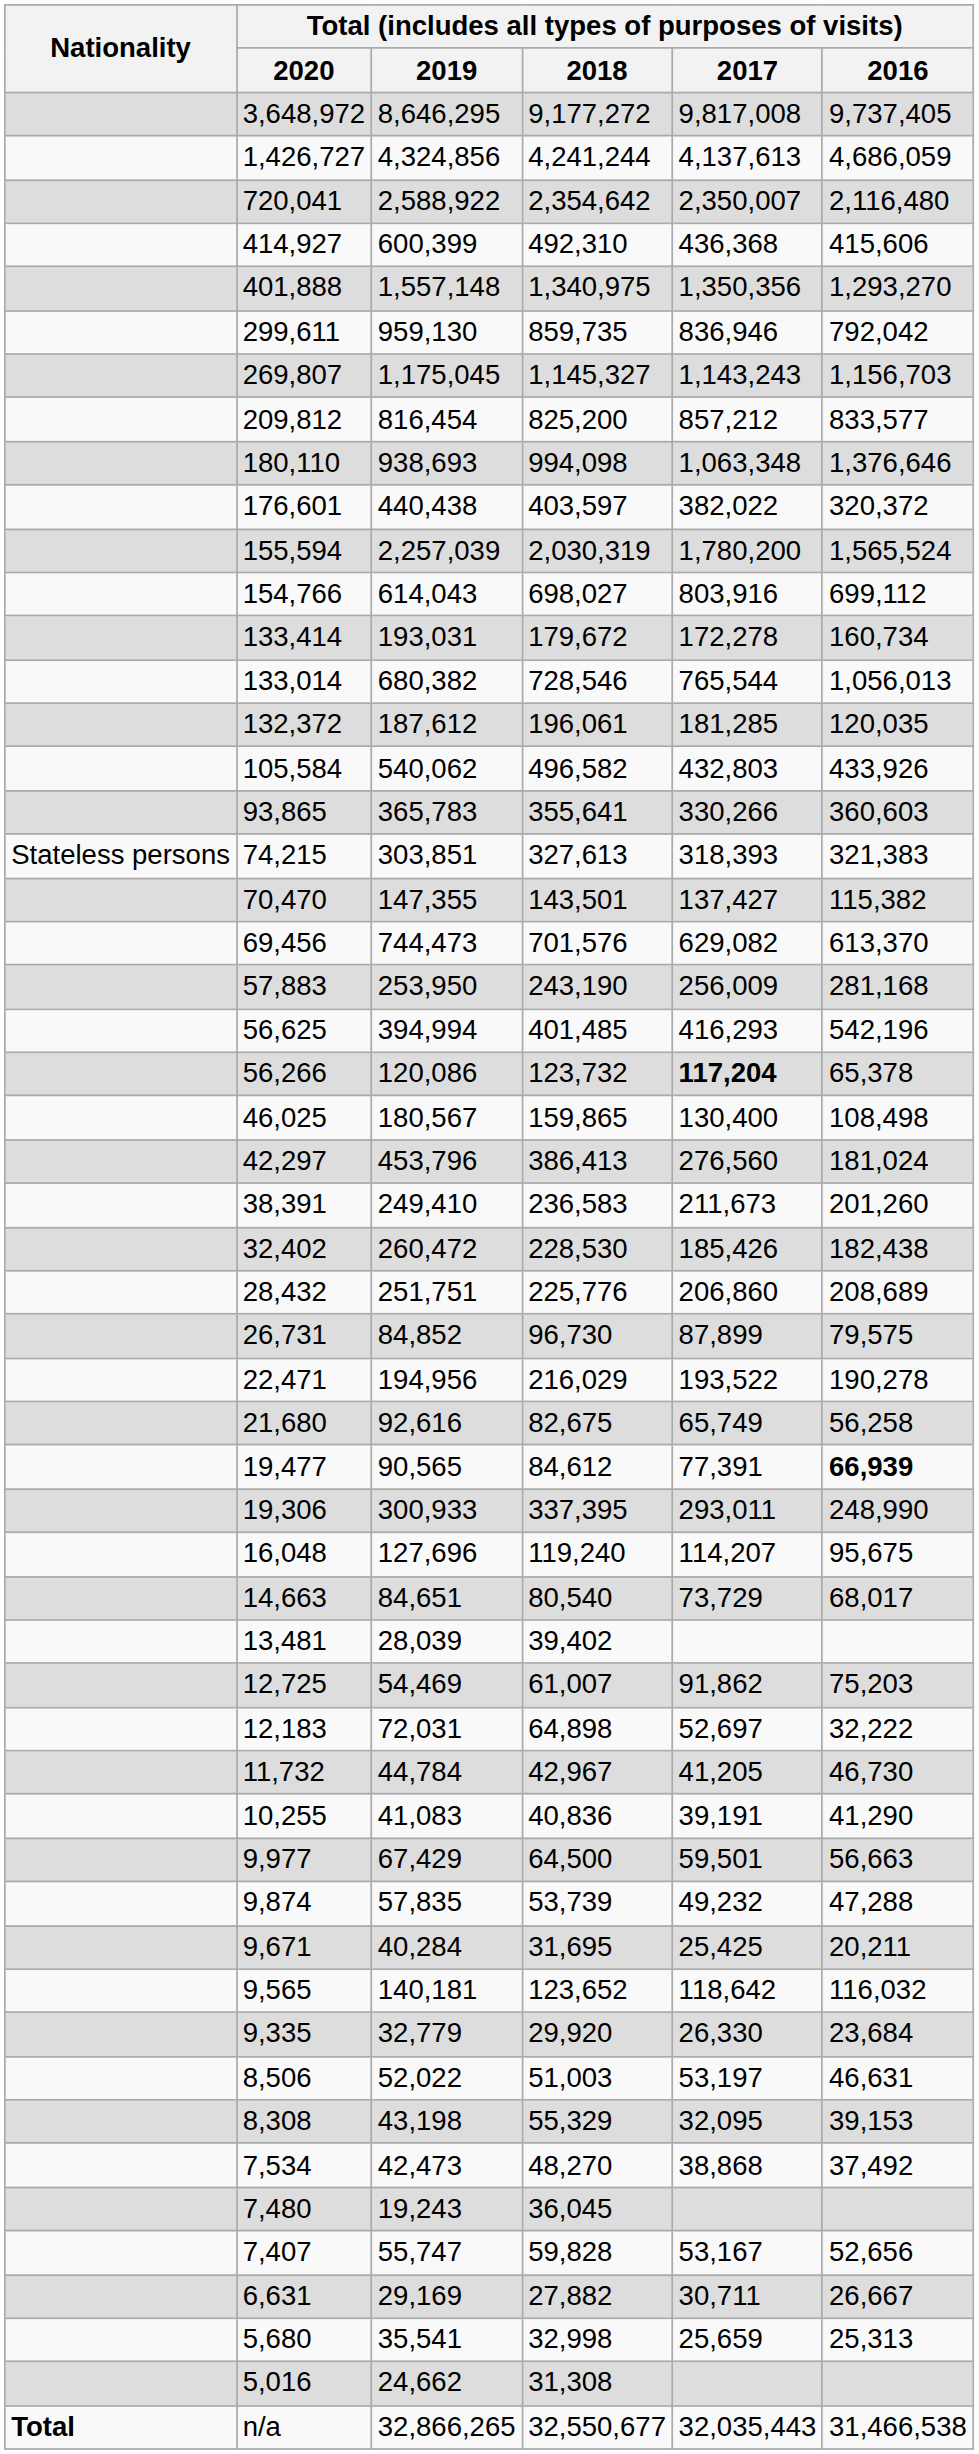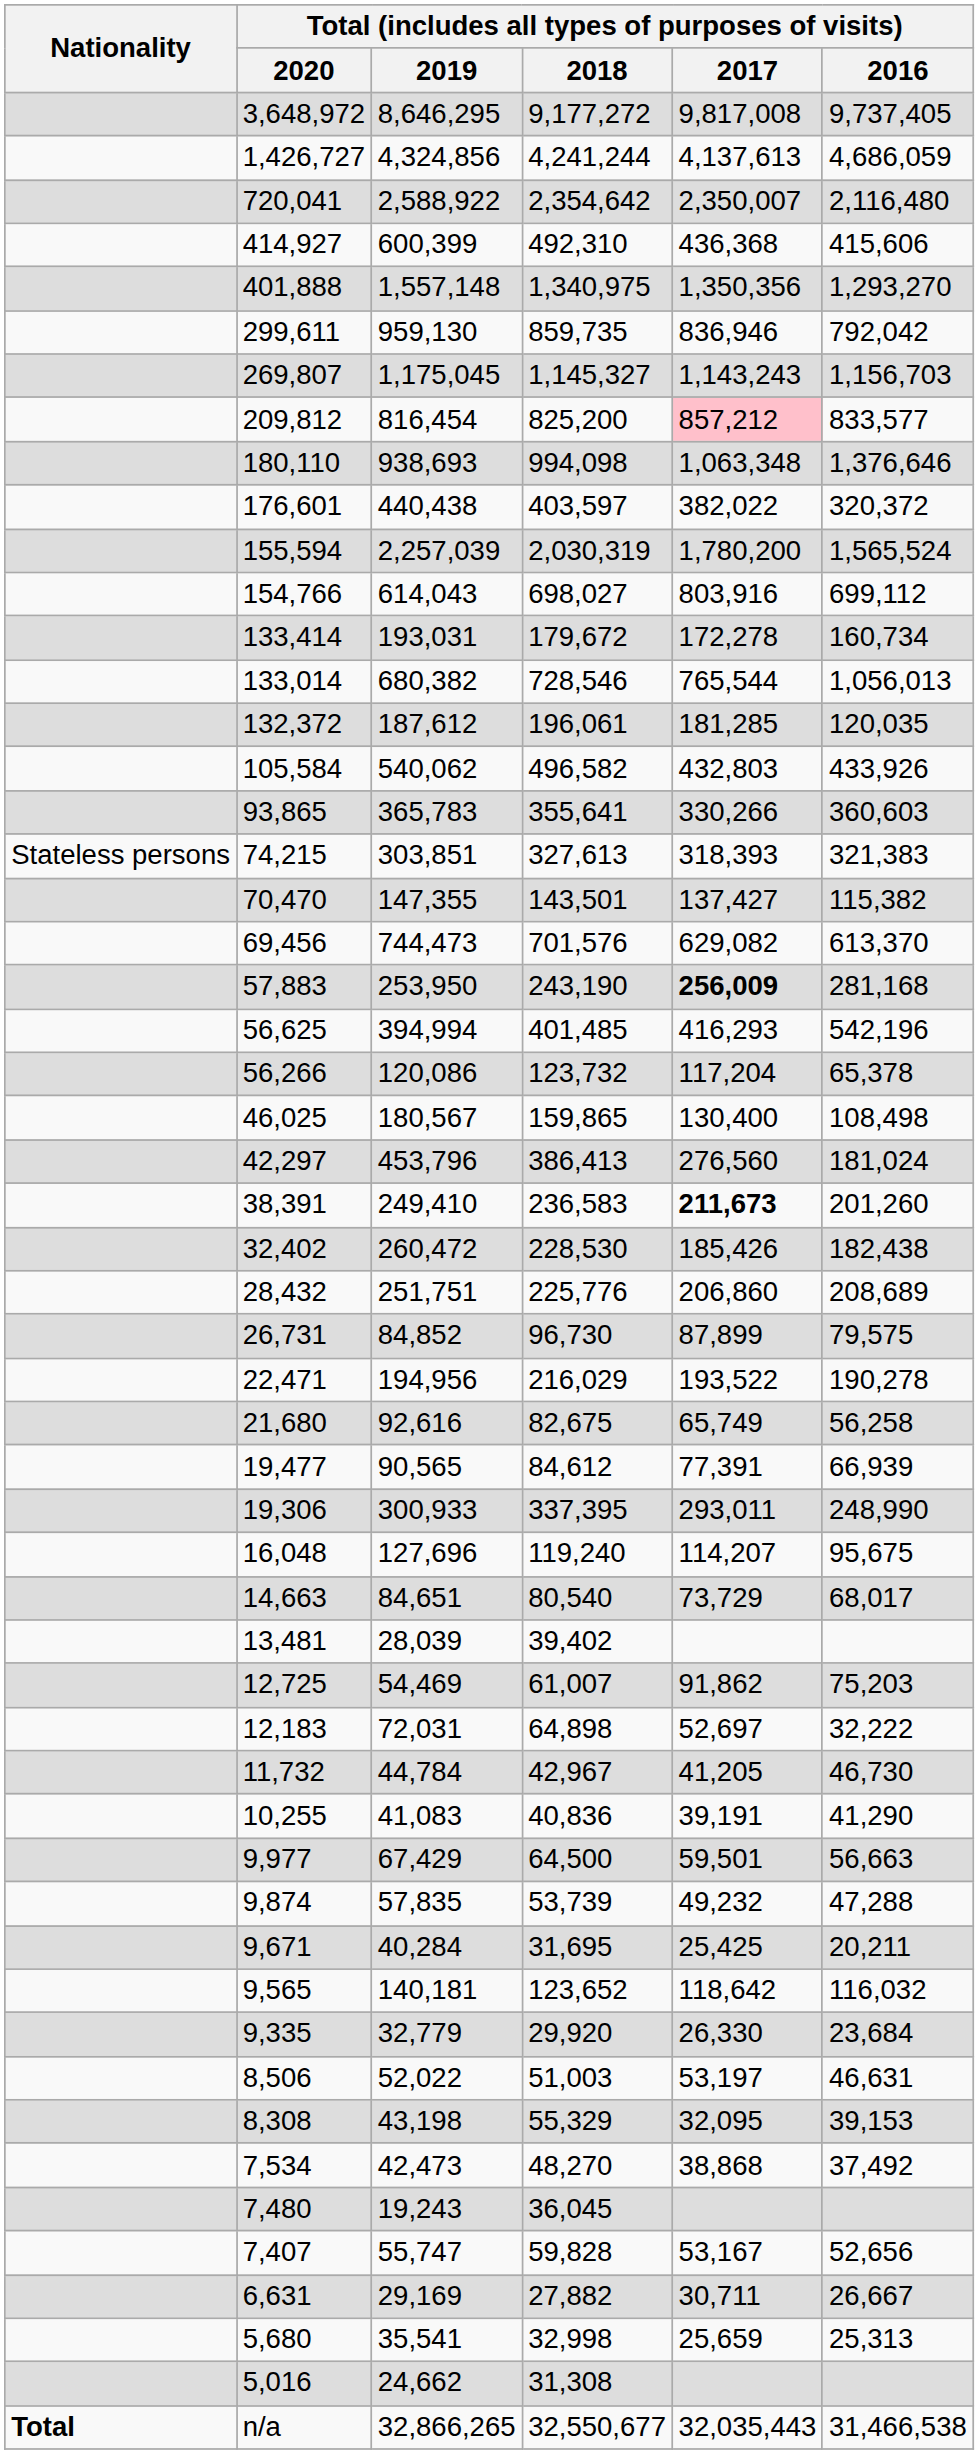 <table class="wikitable mw-collapsible mw-collapsed">
 <tr>
 <th rowspan=2>Nationality</th>
 <th colspan=5>Total (includes all types of purposes of visits)</th>
 </tr>
 <tr>
 <th>2020</th>
 <th>2019</th>
 <th>2018</th>
 <th>2017</th>
 <th>2016</th>
 </tr>
 <tr style="background-color:#DDDDDD;">
 <td></td>
 <td>  3,648,972</td>
 <td>  8,646,295</td>
 <td>  9,177,272</td>
 <td>  9,817,008</td>
 <td>  9,737,405</td>
 </tr>
 <tr>
 <td></td>
 <td>  1,426,727</td>
 <td>  4,324,856</td>
 <td>  4,241,244</td>
 <td>  4,137,613</td>
 <td>  4,686,059</td>
 </tr>
 <tr style="background-color:#DDDDDD;">
 <td></td>
 <td>  720,041</td>
 <td>  2,588,922</td>
 <td>  2,354,642</td>
 <td>  2,350,007</td>
 <td>  2,116,480</td>
 </tr>
 <tr>
 <td></td>
 <td>  414,927</td>
 <td>  600,399</td>
 <td>  492,310</td>
 <td>  436,368</td>
 <td>  415,606</td>
 </tr>
 <tr style="background-color:#DDDDDD;">
 <td></td>
 <td>  401,888</td>
 <td>  1,557,148</td>
 <td>  1,340,975</td>
 <td>  1,350,356</td>
 <td>  1,293,270</td>
 </tr>
 <tr>
 <td></td>
 <td>  299,611</td>
 <td>  959,130</td>
 <td>  859,735</td>
 <td>  836,946</td>
 <td>  792,042</td>
 </tr>
 <tr style="background-color:#DDDDDD;">
 <td></td>
 <td>  269,807</td>
 <td>  1,175,045</td>
 <td>  1,145,327</td>
 <td>  1,143,243</td>
 <td>  1,156,703</td>
 </tr>
 <tr>
 <td></td>
 <td>  209,812</td>
 <td>  816,454</td>
 <td>  825,200</td>
-<td>  857,212</td>
+<td style="background: pink;">  857,212</td>
 <td>  833,577</td>
 </tr>
 <tr style="background-color:#DDDDDD;">
 <td></td>
 <td>  180,110</td>
 <td>  938,693</td>
 <td>  994,098</td>
 <td>  1,063,348</td>
 <td>  1,376,646</td>
 </tr>
 <tr>
 <td></td>
 <td>  176,601</td>
 <td>  440,438</td>
 <td>  403,597</td>
 <td>  382,022</td>
 <td>  320,372</td>
 </tr>
 <tr style="background-color:#DDDDDD;">
 <td></td>
 <td>  155,594</td>
 <td>  2,257,039</td>
 <td>  2,030,319</td>
 <td>  1,780,200</td>
 <td>  1,565,524</td>
 </tr>
 <tr>
 <td></td>
 <td>  154,766</td>
 <td>  614,043</td>
 <td>  698,027</td>
 <td>  803,916</td>
 <td>  699,112</td>
 </tr>
 <tr style="background-color:#DDDDDD;">
 <td></td>
 <td>  133,414</td>
 <td>  193,031</td>
 <td>  179,672</td>
 <td>  172,278</td>
 <td>  160,734</td>
 </tr>
 <tr>
 <td></td>
 <td>  133,014</td>
 <td>  680,382</td>
 <td>  728,546</td>
 <td>  765,544</td>
 <td>  1,056,013</td>
 </tr>
 <tr style="background-color:#DDDDDD;">
 <td></td>
 <td>  132,372</td>
 <td>  187,612</td>
 <td>  196,061</td>
 <td>  181,285</td>
 <td>  120,035</td>
 </tr>
 <tr>
 <td></td>
 <td>  105,584</td>
 <td>  540,062</td>
 <td>  496,582</td>
 <td>  432,803</td>
 <td>  433,926</td>
 </tr>
 <tr style="background-color:#DDDDDD;">
 <td></td>
 <td>  93,865</td>
 <td>  365,783</td>
 <td>  355,641</td>
 <td>  330,266</td>
 <td>  360,603</td>
 </tr>
 <tr>
 <td>Stateless persons</td>
 <td>  74,215</td>
 <td>  303,851</td>
 <td>  327,613</td>
 <td>  318,393</td>
 <td>  321,383</td>
 </tr>
 <tr style="background-color:#DDDDDD;">
 <td></td>
 <td>  70,470</td>
 <td>  147,355</td>
 <td>  143,501</td>
 <td>  137,427</td>
 <td>  115,382</td>
 </tr>
 <tr>
 <td></td>
 <td>  69,456</td>
 <td>  744,473</td>
 <td>  701,576</td>
 <td>  629,082</td>
 <td>  613,370</td>
 </tr>
 <tr style="background-color:#DDDDDD;">
 <td></td>
 <td>  57,883</td>
 <td>  253,950</td>
 <td>  243,190</td>
-<td>  256,009</td>
+<td><strong>  256,009</strong></td>
 <td>  281,168</td>
 </tr>
 <tr>
 <td></td>
 <td>  56,625</td>
 <td>  394,994</td>
 <td>  401,485</td>
 <td>  416,293</td>
 <td>  542,196</td>
 </tr>
 <tr style="background-color:#DDDDDD;">
 <td></td>
 <td>  56,266</td>
 <td>  120,086</td>
 <td>  123,732</td>
-<td><strong>  117,204</strong></td>
+<td>  117,204</td>
 <td>  65,378</td>
 </tr>
 <tr>
 <td></td>
 <td>  46,025</td>
 <td>  180,567</td>
 <td>  159,865</td>
 <td>  130,400</td>
 <td>  108,498</td>
 </tr>
 <tr style="background-color:#DDDDDD;">
 <td></td>
 <td>  42,297</td>
 <td>  453,796</td>
 <td>  386,413</td>
 <td>  276,560</td>
 <td>  181,024</td>
 </tr>
 <tr>
 <td></td>
 <td>  38,391</td>
 <td>  249,410</td>
 <td>  236,583</td>
-<td>  211,673</td>
+<td><strong>  211,673</strong></td>
 <td>  201,260</td>
 </tr>
 <tr style="background-color:#DDDDDD;">
 <td></td>
 <td>  32,402</td>
 <td>  260,472</td>
 <td>  228,530</td>
 <td>  185,426</td>
 <td>  182,438</td>
 </tr>
 <tr>
 <td></td>
 <td>  28,432</td>
 <td>  251,751</td>
 <td>  225,776</td>
 <td>  206,860</td>
 <td>  208,689</td>
 </tr>
 <tr style="background-color:#DDDDDD;">
 <td></td>
 <td>  26,731</td>
 <td>  84,852</td>
 <td>  96,730</td>
 <td>  87,899</td>
 <td>  79,575</td>
 </tr>
 <tr>
 <td></td>
 <td>  22,471</td>
 <td>  194,956</td>
 <td>  216,029</td>
 <td>  193,522</td>
 <td>  190,278</td>
 </tr>
 <tr style="background-color:#DDDDDD;">
 <td></td>
 <td>  21,680</td>
 <td>  92,616</td>
 <td>  82,675</td>
 <td>  65,749</td>
 <td>  56,258</td>
 </tr>
 <tr>
 <td></td>
 <td>  19,477</td>
 <td>  90,565</td>
 <td>  84,612</td>
 <td>  77,391</td>
-<td><strong>  66,939</strong></td>
+<td>  66,939</td>
 </tr>
 <tr style="background-color:#DDDDDD;">
 <td></td>
 <td>  19,306</td>
 <td>  300,933</td>
 <td>  337,395</td>
 <td>  293,011</td>
 <td>  248,990</td>
 </tr>
 <tr>
 <td></td>
 <td>  16,048</td>
 <td>  127,696</td>
 <td>  119,240</td>
 <td>  114,207</td>
 <td>  95,675</td>
 </tr>
 <tr style="background-color:#DDDDDD;">
 <td></td>
 <td>  14,663</td>
 <td>  84,651</td>
 <td>  80,540</td>
 <td>  73,729</td>
 <td>  68,017</td>
 </tr>
 <tr>
 <td></td>
 <td>  13,481</td>
 <td>  28,039</td>
 <td>  39,402</td>
 <td></td>
 <td></td>
 </tr>
 <tr style="background-color:#DDDDDD;">
 <td></td>
 <td>  12,725</td>
 <td>  54,469</td>
 <td>  61,007</td>
 <td>  91,862</td>
 <td>  75,203</td>
 </tr>
 <tr>
 <td></td>
 <td>  12,183</td>
 <td>  72,031</td>
 <td>  64,898</td>
 <td>  52,697</td>
 <td>  32,222</td>
 </tr>
 <tr style="background-color:#DDDDDD;">
 <td></td>
 <td>  11,732</td>
 <td>  44,784</td>
 <td>  42,967</td>
 <td>  41,205</td>
 <td>  46,730</td>
 </tr>
 <tr>
 <td></td>
 <td>  10,255</td>
 <td>  41,083</td>
 <td>  40,836</td>
 <td>  39,191</td>
 <td>  41,290</td>
 </tr>
 <tr style="background-color:#DDDDDD;">
 <td></td>
 <td>  9,977</td>
 <td>  67,429</td>
 <td>  64,500</td>
 <td>  59,501</td>
 <td>  56,663</td>
 </tr>
 <tr>
 <td></td>
 <td>  9,874</td>
 <td>  57,835</td>
 <td>  53,739</td>
 <td>  49,232</td>
 <td>  47,288</td>
 </tr>
 <tr style="background-color:#DDDDDD;">
 <td></td>
 <td>  9,671</td>
 <td>  40,284</td>
 <td>  31,695</td>
 <td>  25,425</td>
 <td>  20,211</td>
 </tr>
 <tr>
 <td></td>
 <td>  9,565</td>
 <td>  140,181</td>
 <td>  123,652</td>
 <td>  118,642</td>
 <td>  116,032</td>
 </tr>
 <tr style="background-color:#DDDDDD;">
 <td></td>
 <td>  9,335</td>
 <td>  32,779</td>
 <td>  29,920</td>
 <td>  26,330</td>
 <td>  23,684</td>
 </tr>
 <tr>
 <td></td>
 <td>  8,506</td>
 <td>  52,022</td>
 <td>  51,003</td>
 <td>  53,197</td>
 <td>  46,631</td>
 </tr>
 <tr style="background-color:#DDDDDD;">
 <td></td>
 <td>  8,308</td>
 <td>  43,198</td>
 <td>  55,329</td>
 <td>  32,095</td>
 <td>  39,153</td>
 </tr>
 <tr>
 <td></td>
 <td>  7,534</td>
 <td>  42,473</td>
 <td>  48,270</td>
 <td>  38,868</td>
 <td>  37,492</td>
 </tr>
 <tr style="background-color:#DDDDDD;">
 <td></td>
 <td>  7,480</td>
 <td> 19,243</td>
 <td>  36,045</td>
 <td></td>
 <td></td>
 </tr>
 <tr>
 <td></td>
 <td>  7,407</td>
 <td>  55,747</td>
 <td>  59,828</td>
 <td>  53,167</td>
 <td>  52,656</td>
 </tr>
 <tr style="background-color:#DDDDDD;">
 <td></td>
 <td>  6,631</td>
 <td>  29,169</td>
 <td>  27,882</td>
 <td>  30,711</td>
 <td>  26,667</td>
 </tr>
 <tr>
 <td></td>
 <td>  5,680</td>
 <td>  35,541</td>
 <td>  32,998</td>
 <td>  25,659</td>
 <td>  25,313</td>
 </tr>
 <tr style="background-color:#DDDDDD;">
 <td></td>
 <td>  5,016</td>
 <td>24,662</td>
 <td>  31,308</td>
 <td></td>
 <td><br></td>
 </tr>
 <tr>
 <td><strong>Total</strong></td>
 <td>  n/a</td>
 <td>  32,866,265</td>
 <td> 32,550,677</td>
 <td> 32,035,443</td>
 <td>  31,466,538</td>
 </tr>
 </table>
